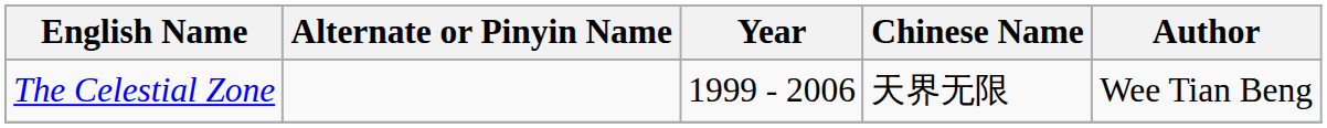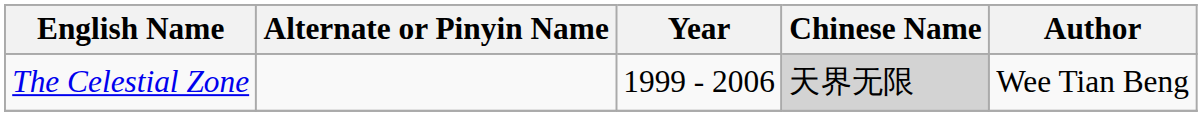 <table class="wikitable">
 <tr>
 <th>English Name</th>
 <th>Alternate or Pinyin Name</th>
 <th>Year</th>
 <th>Chinese Name</th>
 <th>Author</th>
 </tr>
 <tr>
 <td><em><a href='#'>The Celestial Zone</a></em></td>
 <td></td>
 <td>1999 - 2006</td>
-<td>天界无限</td>
+<td style="background: lightgrey;">天界无限</td>
 <td>Wee Tian Beng</td>
 </tr>
 <tr>
 </tr>
 </table>
